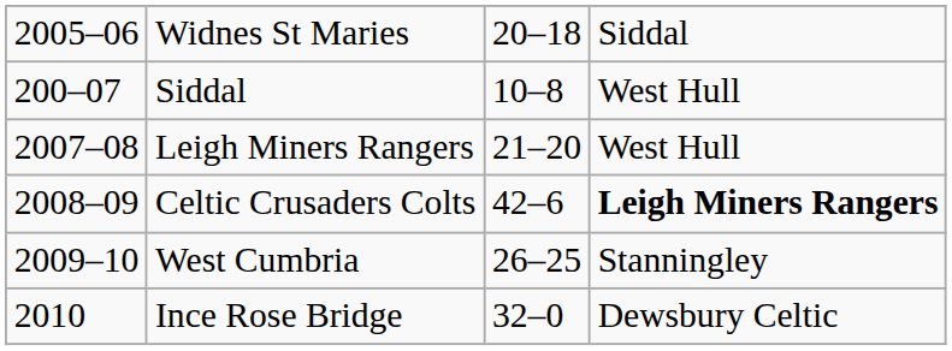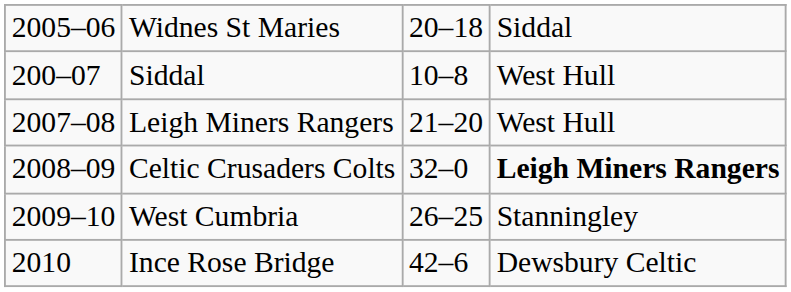 <table class="wikitable">
 <tr>
 <td>2005–06</td>
 <td>Widnes St Maries</td>
 <td>20–18</td>
 <td>Siddal</td>
 </tr>
 <tr>
 <td>200–07</td>
 <td>Siddal</td>
 <td>10–8</td>
 <td>West Hull</td>
 </tr>
 <tr>
 <td>2007–08</td>
 <td>Leigh Miners Rangers</td>
 <td>21–20</td>
 <td>West Hull</td>
 </tr>
 <tr>
 <td>2008–09</td>
 <td>Celtic Crusaders Colts</td>
-<td>42–6</td>
+<td>32–0</td>
 <td><strong>Leigh Miners Rangers</strong></td>
 </tr>
 <tr>
 <td>2009–10</td>
 <td>West Cumbria</td>
 <td>26–25</td>
 <td>Stanningley</td>
 </tr>
 <tr>
 <td>2010</td>
 <td>Ince Rose Bridge</td>
-<td>32–0</td>
+<td>42–6</td>
 <td>Dewsbury Celtic</td>
 </tr>
 </table>
